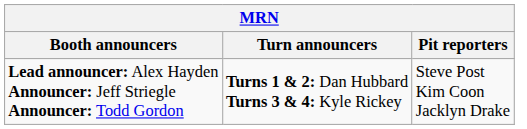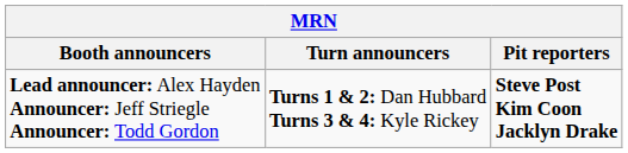 <table class="wikitable" style="font-size: 95%">
 <tr>
 <th colspan="3"><a href='#'>MRN</a></th>
 </tr>
 <tr>
 <th>Booth announcers</th>
 <th>Turn announcers</th>
 <th>Pit reporters</th>
 </tr>
 <tr>
 <td><strong>Lead announcer:</strong> Alex Hayden<br><strong>Announcer:</strong> Jeff Striegle<br><strong>Announcer:</strong> <a href='#'>Todd Gordon</a></td>
 <td><strong>Turns 1 & 2:</strong> Dan Hubbard<br><strong>Turns 3 & 4:</strong> Kyle Rickey</td>
-<td>Steve Post<br>Kim Coon<br>Jacklyn Drake</td>
+<td><strong>Steve Post<br>Kim Coon<br>Jacklyn Drake</strong></td>
 </tr>
 </table>
